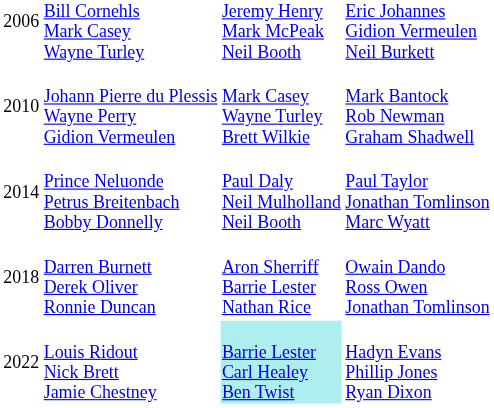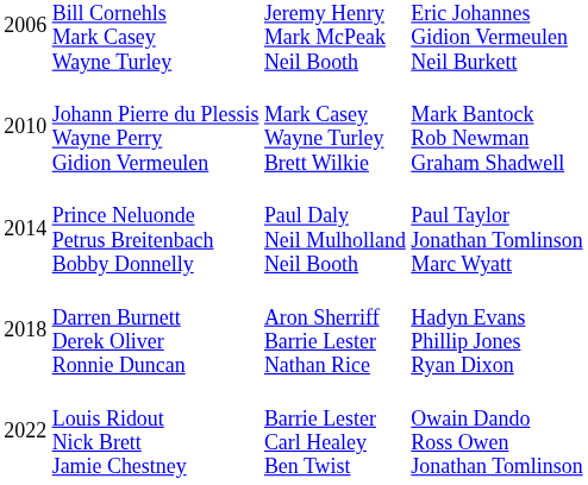 <table>
 <tr>
 <td>2006<br></td>
 <td><br><a href='#'>Bill Cornehls</a><br><a href='#'>Mark Casey</a><br><a href='#'>Wayne Turley</a></td>
 <td><br><a href='#'>Jeremy Henry</a><br><a href='#'>Mark McPeak</a><br><a href='#'>Neil Booth</a></td>
 <td><br><a href='#'>Eric Johannes</a><br><a href='#'>Gidion Vermeulen</a><br><a href='#'>Neil Burkett</a></td>
 </tr>
 <tr>
 <td>2010<br></td>
 <td><br><a href='#'>Johann Pierre du Plessis</a><br><a href='#'>Wayne Perry</a><br><a href='#'>Gidion Vermeulen</a></td>
 <td><br><a href='#'>Mark Casey</a><br><a href='#'>Wayne Turley</a><br><a href='#'>Brett Wilkie</a></td>
 <td><br><a href='#'>Mark Bantock</a><br><a href='#'>Rob Newman</a><br><a href='#'>Graham Shadwell</a></td>
 </tr>
 <tr>
 <td>2014<br></td>
 <td><br><a href='#'>Prince Neluonde</a><br><a href='#'>Petrus Breitenbach</a><br><a href='#'>Bobby Donnelly</a></td>
 <td><br><a href='#'>Paul Daly</a><br><a href='#'>Neil Mulholland</a><br><a href='#'>Neil Booth</a></td>
 <td><br><a href='#'>Paul Taylor</a><br><a href='#'>Jonathan Tomlinson</a><br><a href='#'>Marc Wyatt</a></td>
 </tr>
 <tr>
 <td>2018<br></td>
 <td><br><a href='#'>Darren Burnett</a><br><a href='#'>Derek Oliver</a><br><a href='#'>Ronnie Duncan</a></td>
 <td><br><a href='#'>Aron Sherriff</a><br><a href='#'>Barrie Lester</a><br><a href='#'>Nathan Rice</a></td>
-<td><br><a href='#'>Owain Dando</a><br><a href='#'>Ross Owen</a><br><a href='#'>Jonathan Tomlinson</a></td>
+<td><br><a href='#'>Hadyn Evans</a><br><a href='#'>Phillip Jones</a><br><a href='#'>Ryan Dixon</a></td>
 </tr>
 <tr>
 <td>2022<br></td>
 <td><br><a href='#'>Louis Ridout</a><br><a href='#'>Nick Brett</a><br><a href='#'>Jamie Chestney</a></td>
-<td style="background: paleturquoise;"><br><a href='#'>Barrie Lester</a><br><a href='#'>Carl Healey</a><br><a href='#'>Ben Twist</a></td>
-<td><br><a href='#'>Hadyn Evans</a><br><a href='#'>Phillip Jones</a><br><a href='#'>Ryan Dixon</a></td>
+<td><br><a href='#'>Barrie Lester</a><br><a href='#'>Carl Healey</a><br><a href='#'>Ben Twist</a></td>
+<td><br><a href='#'>Owain Dando</a><br><a href='#'>Ross Owen</a><br><a href='#'>Jonathan Tomlinson</a></td>
 </tr>
 </table>
